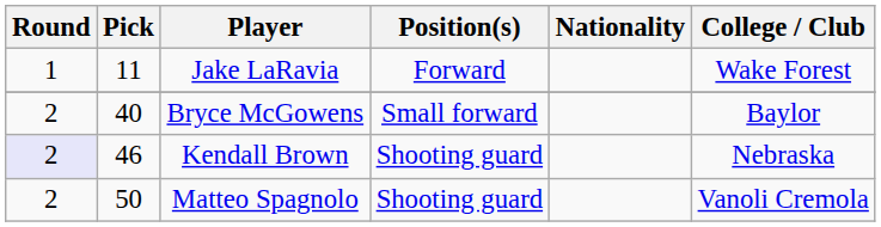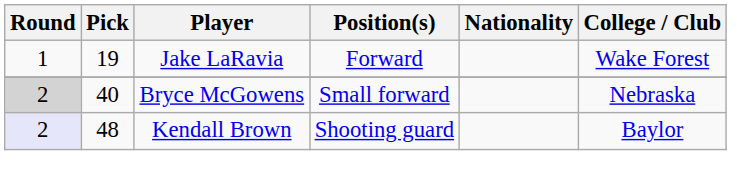 <table class="wikitable sortable sortable">
 <tr>
 <th>Round</th>
 <th>Pick</th>
 <th>Player</th>
 <th>Position(s)</th>
 <th>Nationality</th>
 <th>College / Club</th>
 </tr>
 <tr style="text-align: center">
 <td>1</td>
-<td>11</td>
+<td>19</td>
 <td><a href='#'>Jake LaRavia</a></td>
 <td><a href='#'>Forward</a></td>
 <td></td>
 <td><a href='#'>Wake Forest</a></td>
 </tr>
 <tr>
 </tr>
 <tr style="text-align: center">
-<td>2</td>
+<td style="background: lightgrey;">2</td>
 <td>40</td>
 <td><a href='#'>Bryce McGowens</a></td>
 <td><a href='#'>Small forward</a></td>
 <td></td>
-<td><a href='#'>Baylor</a></td>
+<td><a href='#'>Nebraska</a></td>
 </tr>
 <tr style="text-align: center">
 <td style="background: lavender;">2</td>
-<td>46</td>
+<td>48</td>
 <td><a href='#'>Kendall Brown</a></td>
 <td><a href='#'>Shooting guard</a></td>
 <td></td>
-<td><a href='#'>Nebraska</a></td>
-</tr>
-<tr style="text-align: center">
-<td>2</td>
-<td>50</td>
-<td><a href='#'>Matteo Spagnolo</a></td>
-<td><a href='#'>Shooting guard</a></td>
-<td></td>
-<td><a href='#'>Vanoli Cremola</a></td>
+<td><a href='#'>Baylor</a></td>
 </tr>
 </table>
